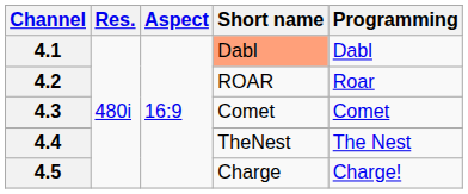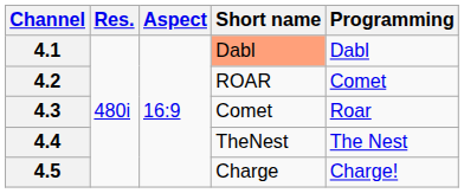 <table class="wikitable">
 <tr>
 <th><a href='#'>Channel</a></th>
 <th><a href='#'>Res.</a></th>
 <th><a href='#'>Aspect</a></th>
 <th>Short name</th>
 <th>Programming</th>
 </tr>
 <tr>
 <th scope = "row">4.1</th>
 <td rowspan=5><a href='#'>480i</a></td>
 <td rowspan=5><a href='#'>16:9</a></td>
 <td style="background: lightsalmon;">Dabl</td>
 <td><a href='#'>Dabl</a></td>
 </tr>
 <tr>
 <th scope = "row">4.2</th>
 <td>ROAR</td>
-<td><a href='#'>Roar</a></td>
+<td><a href='#'>Comet</a></td>
 </tr>
 <tr>
 <th scope = "row">4.3</th>
 <td>Comet</td>
-<td><a href='#'>Comet</a></td>
+<td><a href='#'>Roar</a></td>
 </tr>
 <tr>
 <th scope = "row">4.4</th>
 <td>TheNest</td>
 <td><a href='#'>The Nest</a></td>
 </tr>
 <tr>
 <th scope = "row">4.5</th>
 <td>Charge</td>
 <td><a href='#'>Charge!</a></td>
 </tr>
 </table>
